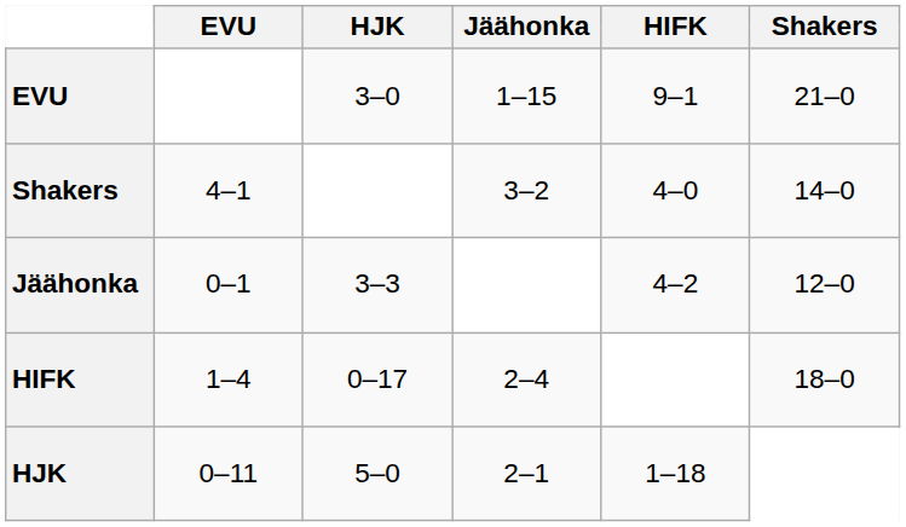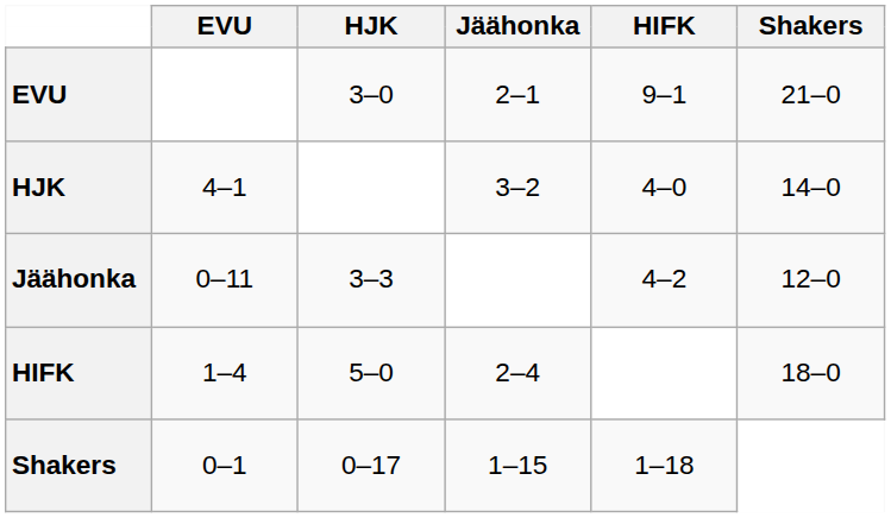 <table class="wikitable" style="text-align:center; border-style: none  none  none  none;">
 <tr>
 <th style="width: 5em; border-style: none  none  none  none; background:white;"></th>
 <th rowspan="2" style="width: 5em;">EVU</th>
 <th rowspan="2" style="width: 5em;">HJK</th>
 <th rowspan="2" style="width: 5em;">Jäähonka</th>
 <th rowspan="2" style="width: 5em;">HIFK</th>
 <th rowspan="2" style="width: 5em;">Shakers</th>
 </tr>
 <tr>
 <th style="border-style: none  none  none  none; background:white;"></th>
 </tr>
 <tr>
 <th style="height: 3em; text-align:left;">EVU</th>
 <td style="background:white;"></td>
 <td>3–0</td>
-<td>1–15</td>
+<td>2–1</td>
 <td>9–1</td>
 <td>21–0</td>
 </tr>
 <tr>
-<th style="height: 3em; text-align:left;">Shakers</th>
+<th style="height: 3em; text-align:left;">HJK</th>
 <td>4–1</td>
 <td style="background:white;"></td>
 <td>3–2</td>
 <td>4–0</td>
 <td>14–0</td>
 </tr>
 <tr>
 <th style="height: 3em; text-align:left;">Jäähonka</th>
-<td>0–1</td>
+<td>0–11</td>
 <td>3–3</td>
 <td style="background:white;"></td>
 <td>4–2</td>
 <td>12–0</td>
 </tr>
 <tr>
 <th style="height: 3em; text-align:left;">HIFK</th>
 <td>1–4</td>
-<td>0–17</td>
+<td>5–0</td>
 <td>2–4</td>
 <td style="background:white;"></td>
 <td>18–0</td>
 </tr>
 <tr>
-<th style="height: 3em; text-align:left;">HJK</th>
-<td>0–11</td>
-<td>5–0</td>
-<td>2–1</td>
+<th style="height: 3em; text-align:left;">Shakers</th>
+<td>0–1</td>
+<td>0–17</td>
+<td>1–15</td>
 <td>1–18</td>
 <td style="border-style: none  none  none  none; background:white;"></td>
 </tr>
 </table>
